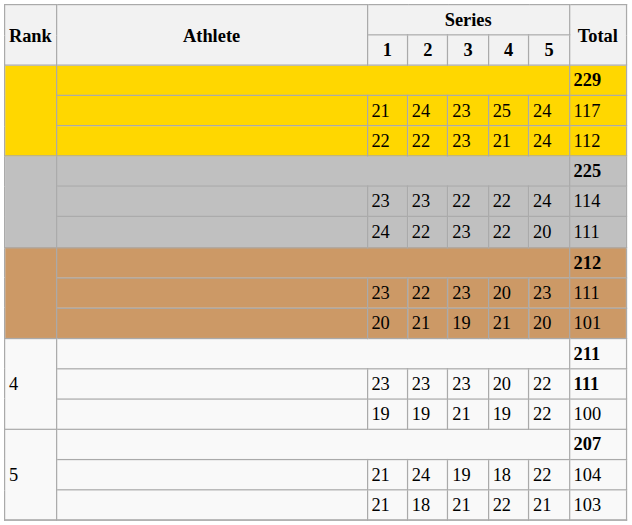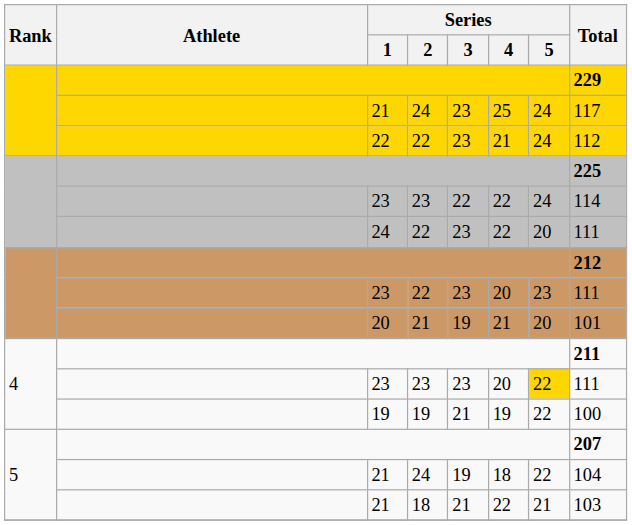 <table class="wikitable" style="font-size:95%" style="width:35em;" style="text-align:center">
 <tr>
 <th rowspan=2>Rank</th>
 <th rowspan=2 width=250>Athlete</th>
 <th colspan=5 width=160>Series</th>
 <th rowspan=2 width=40>Total</th>
 </tr>
 <tr>
 <th>1</th>
 <th>2</th>
 <th>3</th>
 <th>4</th>
 <th>5</th>
 </tr>
 <tr bgcolor=gold>
 <td rowspan=3></td>
 <td colspan=6 align=left></td>
 <td><strong>229</strong></td>
 </tr>
 <tr bgcolor=gold>
 <td align=left></td>
 <td>21</td>
 <td>24</td>
 <td>23</td>
 <td>25</td>
 <td>24</td>
 <td>117</td>
 </tr>
 <tr bgcolor=gold>
 <td align=left></td>
 <td>22</td>
 <td>22</td>
 <td>23</td>
 <td>21</td>
 <td>24</td>
 <td>112</td>
 </tr>
 <tr bgcolor=silver>
 <td rowspan=3></td>
 <td colspan=6 align=left></td>
 <td><strong>225</strong></td>
 </tr>
 <tr bgcolor=silver>
 <td align=left></td>
 <td>23</td>
 <td>23</td>
 <td>22</td>
 <td>22</td>
 <td>24</td>
 <td>114</td>
 </tr>
 <tr bgcolor=silver>
 <td align=left></td>
 <td>24</td>
 <td>22</td>
 <td>23</td>
 <td>22</td>
 <td>20</td>
 <td>111</td>
 </tr>
 <tr bgcolor=cc9966>
 <td rowspan=3></td>
 <td colspan=6 align=left></td>
 <td><strong>212</strong></td>
 </tr>
 <tr bgcolor=cc9966>
 <td align=left></td>
 <td>23</td>
 <td>22</td>
 <td>23</td>
 <td>20</td>
 <td>23</td>
 <td>111</td>
 </tr>
 <tr bgcolor=cc9966>
 <td align=left></td>
 <td>20</td>
 <td>21</td>
 <td>19</td>
 <td>21</td>
 <td>20</td>
 <td>101</td>
 </tr>
 <tr>
 <td rowspan=3>4</td>
 <td colspan=6 align=left></td>
 <td><strong>211</strong></td>
 </tr>
 <tr>
 <td align=left></td>
 <td>23</td>
 <td>23</td>
 <td>23</td>
 <td>20</td>
-<td>22</td>
-<td><strong>111</strong></td>
+<td style="background: gold;">22</td>
+<td>111</td>
 </tr>
 <tr>
 <td align=left></td>
 <td>19</td>
 <td>19</td>
 <td>21</td>
 <td>19</td>
 <td>22</td>
 <td>100</td>
 </tr>
 <tr>
 <td rowspan=3>5</td>
 <td colspan=6 align=left></td>
 <td><strong>207</strong></td>
 </tr>
 <tr>
 <td align=left></td>
 <td>21</td>
 <td>24</td>
 <td>19</td>
 <td>18</td>
 <td>22</td>
 <td>104</td>
 </tr>
 <tr>
 <td align=left></td>
 <td>21</td>
 <td>18</td>
 <td>21</td>
 <td>22</td>
 <td>21</td>
 <td>103</td>
 </tr>
 <tr>
 </tr>
 </table>
